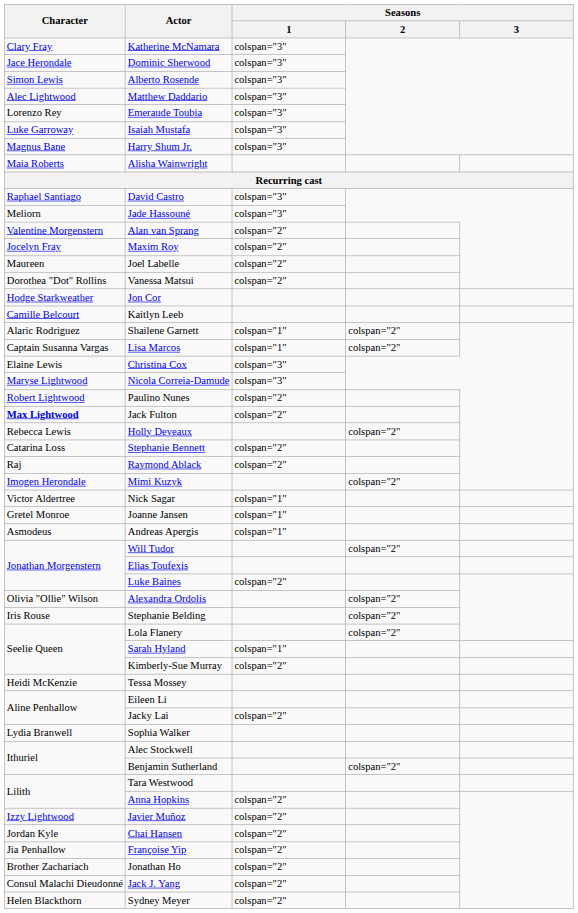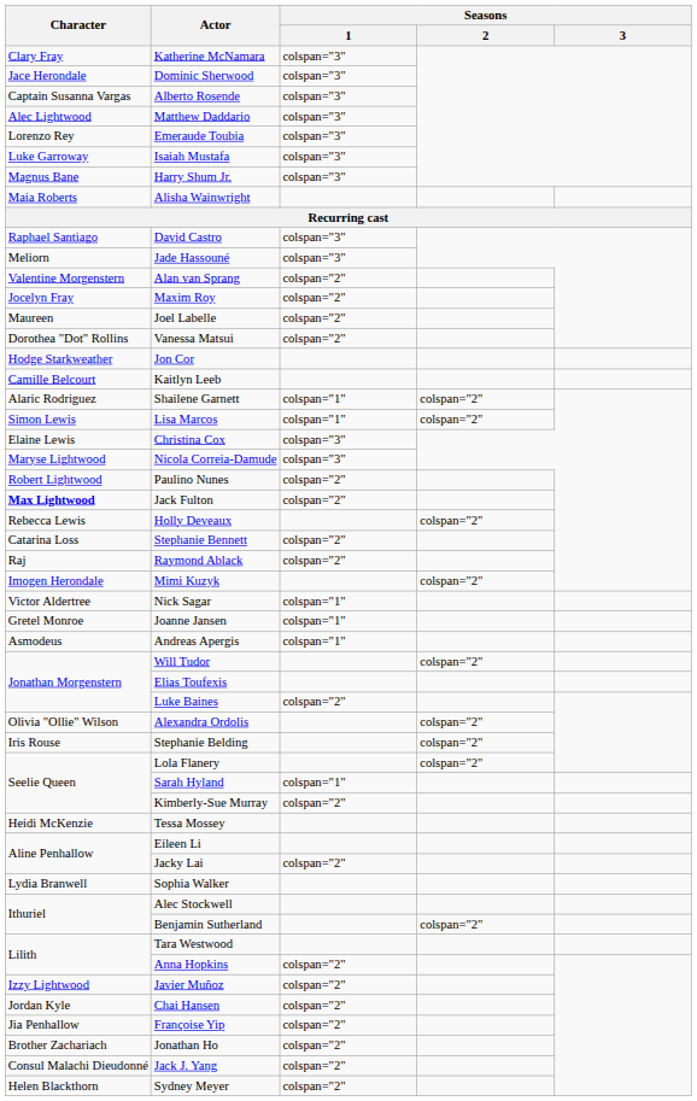 <table class="wikitable">
 <tr>
 <th rowspan="2">Character</th>
 <th rowspan="2">Actor</th>
 <th colspan="3">Seasons</th>
 </tr>
 <tr>
 <th style="width:20%;">1</th>
 <th style="width:20%;">2</th>
 <th style="width:20%;">3</th>
 </tr>
 <tr>
 <td><a href='#'>Clary Fray</a></td>
 <td><a href='#'>Katherine McNamara</a></td>
 <td>colspan="3" </td>
 </tr>
 <tr>
 <td><a href='#'>Jace Herondale</a></td>
 <td><a href='#'>Dominic Sherwood</a></td>
 <td>colspan="3" </td>
 </tr>
 <tr>
-<td><a href='#'>Simon Lewis</a></td>
+<td>Captain Susanna Vargas</td>
 <td><a href='#'>Alberto Rosende</a></td>
 <td>colspan="3" </td>
 </tr>
 <tr>
 <td><a href='#'>Alec Lightwood</a></td>
 <td><a href='#'>Matthew Daddario</a></td>
 <td>colspan="3" </td>
 </tr>
 <tr>
 <td>Lorenzo Rey</td>
 <td><a href='#'>Emeraude Toubia</a></td>
 <td>colspan="3" </td>
 </tr>
 <tr>
 <td><a href='#'>Luke Garroway</a></td>
 <td><a href='#'>Isaiah Mustafa</a></td>
 <td>colspan="3" </td>
 </tr>
 <tr>
 <td><a href='#'>Magnus Bane</a></td>
 <td><a href='#'>Harry Shum Jr.</a></td>
 <td>colspan="3" </td>
 </tr>
 <tr>
 <td><a href='#'>Maia Roberts</a></td>
 <td><a href='#'>Alisha Wainwright</a></td>
 <td></td>
 <td></td>
 <td></td>
 </tr>
 <tr>
 <th colspan=9>Recurring cast</th>
 </tr>
 <tr>
 <td><a href='#'>Raphael Santiago</a></td>
 <td><a href='#'>David Castro</a></td>
 <td>colspan="3" </td>
 </tr>
 <tr>
 <td>Meliorn</td>
 <td><a href='#'>Jade Hassouné</a></td>
 <td>colspan="3" </td>
 </tr>
 <tr>
 <td><a href='#'>Valentine Morgenstern</a></td>
 <td><a href='#'>Alan van Sprang</a></td>
 <td>colspan="2" </td>
 <td></td>
 </tr>
 <tr>
 <td><a href='#'>Jocelyn Fray</a></td>
 <td><a href='#'>Maxim Roy</a></td>
 <td>colspan="2" </td>
 <td></td>
 </tr>
 <tr>
 <td>Maureen</td>
 <td>Joel Labelle</td>
 <td>colspan="2" </td>
 <td></td>
 </tr>
 <tr>
 <td>Dorothea "Dot" Rollins</td>
 <td>Vanessa Matsui</td>
 <td>colspan="2" </td>
 <td></td>
 </tr>
 <tr>
 <td><a href='#'>Hodge Starkweather</a></td>
 <td><a href='#'>Jon Cor</a></td>
 <td></td>
 <td></td>
 <td></td>
 </tr>
 <tr>
 <td><a href='#'>Camille Belcourt</a></td>
 <td>Kaitlyn Leeb</td>
 <td></td>
 <td></td>
 <td></td>
 </tr>
 <tr>
 <td>Alaric Rodriguez</td>
 <td>Shailene Garnett</td>
 <td>colspan="1" </td>
 <td>colspan="2" </td>
 </tr>
 <tr>
-<td>Captain Susanna Vargas</td>
+<td><a href='#'>Simon Lewis</a></td>
 <td><a href='#'>Lisa Marcos</a></td>
 <td>colspan="1" </td>
 <td>colspan="2" </td>
 </tr>
 <tr>
 <td>Elaine Lewis</td>
 <td><a href='#'>Christina Cox</a></td>
 <td>colspan="3" </td>
 </tr>
 <tr>
 <td><a href='#'>Maryse Lightwood</a></td>
 <td><a href='#'>Nicola Correia-Damude</a></td>
 <td>colspan="3" </td>
 </tr>
 <tr>
 <td><a href='#'>Robert Lightwood</a></td>
 <td>Paulino Nunes</td>
 <td>colspan="2" </td>
 <td></td>
 </tr>
 <tr>
 <td><strong><a href='#'>Max Lightwood</a></strong></td>
 <td>Jack Fulton</td>
 <td>colspan="2" </td>
 <td></td>
 </tr>
 <tr>
 <td>Rebecca Lewis</td>
 <td><a href='#'>Holly Deveaux</a></td>
 <td></td>
 <td>colspan="2" </td>
 </tr>
 <tr>
 <td>Catarina Loss</td>
 <td><a href='#'>Stephanie Bennett</a></td>
 <td>colspan="2" </td>
 <td></td>
 </tr>
 <tr>
 <td>Raj</td>
 <td><a href='#'>Raymond Ablack</a></td>
 <td>colspan="2" </td>
 <td></td>
 </tr>
 <tr>
 <td><a href='#'>Imogen Herondale</a></td>
 <td><a href='#'>Mimi Kuzyk</a></td>
 <td></td>
 <td>colspan="2" </td>
 </tr>
 <tr>
 <td>Victor Aldertree</td>
 <td>Nick Sagar</td>
 <td>colspan="1" </td>
 <td></td>
 <td></td>
 </tr>
 <tr>
 <td>Gretel Monroe</td>
 <td>Joanne Jansen</td>
 <td>colspan="1" </td>
 <td></td>
 <td></td>
 </tr>
 <tr>
 <td>Asmodeus</td>
 <td>Andreas Apergis</td>
 <td>colspan="1" </td>
 <td></td>
 <td></td>
 </tr>
 <tr>
 <td rowspan="3"><a href='#'>Jonathan Morgenstern</a></td>
 <td rowspan="1"><a href='#'>Will Tudor</a></td>
 <td></td>
 <td>colspan="2" </td>
 </tr>
 <tr>
 <td><a href='#'>Elias Toufexis</a></td>
 <td></td>
 <td></td>
 <td></td>
 </tr>
 <tr>
 <td><a href='#'>Luke Baines</a></td>
 <td>colspan="2" </td>
 <td></td>
 </tr>
 <tr>
 <td>Olivia "Ollie" Wilson</td>
 <td><a href='#'>Alexandra Ordolis</a></td>
 <td></td>
 <td>colspan="2" </td>
 </tr>
 <tr>
 <td>Iris Rouse</td>
 <td>Stephanie Belding</td>
 <td></td>
 <td>colspan="2" </td>
 </tr>
 <tr>
 <td rowspan="3">Seelie Queen</td>
 <td>Lola Flanery</td>
 <td></td>
 <td>colspan="2" </td>
 </tr>
 <tr>
 <td><a href='#'>Sarah Hyland</a></td>
 <td>colspan="1" </td>
 <td></td>
 <td></td>
 </tr>
 <tr>
 <td>Kimberly-Sue Murray</td>
 <td>colspan="2" </td>
 <td></td>
 </tr>
 <tr>
 <td>Heidi McKenzie</td>
 <td>Tessa Mossey</td>
 <td></td>
 <td></td>
 <td></td>
 </tr>
 <tr>
 <td rowspan="2">Aline Penhallow</td>
 <td>Eileen Li</td>
 <td></td>
 <td></td>
 <td></td>
 </tr>
 <tr>
 <td>Jacky Lai</td>
 <td>colspan="2" </td>
 <td></td>
 </tr>
 <tr>
 <td>Lydia Branwell</td>
 <td>Sophia Walker</td>
 <td></td>
 <td></td>
 <td></td>
 </tr>
 <tr>
 <td rowspan="2">Ithuriel</td>
 <td>Alec Stockwell</td>
 <td></td>
 <td></td>
 <td></td>
 </tr>
 <tr>
 <td>Benjamin Sutherland</td>
 <td></td>
 <td>colspan="2" </td>
 </tr>
 <tr>
 <td rowspan="2">Lilith</td>
 <td>Tara Westwood</td>
 <td></td>
 <td></td>
 <td></td>
 </tr>
 <tr>
 <td><a href='#'>Anna Hopkins</a></td>
 <td>colspan="2" </td>
 <td></td>
 </tr>
 <tr>
 <td><a href='#'>Izzy Lightwood</a></td>
 <td><a href='#'>Javier Muñoz</a></td>
 <td>colspan="2" </td>
 <td></td>
 </tr>
 <tr>
 <td>Jordan Kyle</td>
 <td><a href='#'>Chai Hansen</a></td>
 <td>colspan="2" </td>
 <td></td>
 </tr>
 <tr>
 <td>Jia Penhallow</td>
 <td><a href='#'>Françoise Yip</a></td>
 <td>colspan="2" </td>
 <td></td>
 </tr>
 <tr>
 <td>Brother Zachariach</td>
 <td>Jonathan Ho</td>
 <td>colspan="2" </td>
 <td></td>
 </tr>
 <tr>
 <td>Consul Malachi Dieudonné</td>
 <td><a href='#'>Jack J. Yang</a></td>
 <td>colspan="2" </td>
 <td></td>
 </tr>
 <tr>
 <td>Helen Blackthorn</td>
 <td>Sydney Meyer</td>
 <td>colspan="2" </td>
 <td></td>
 </tr>
 </table>
